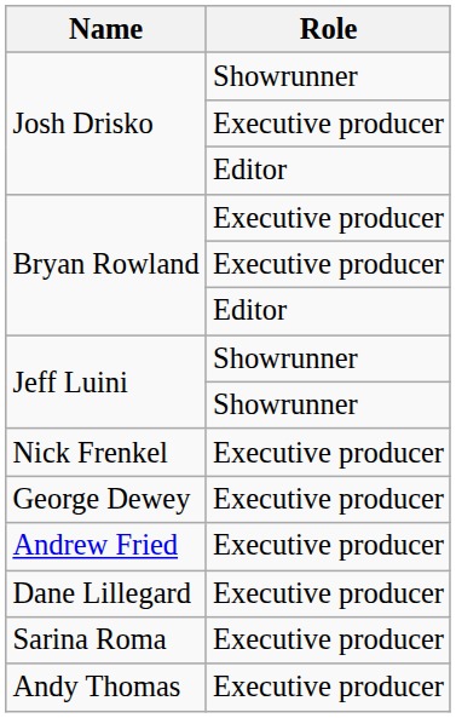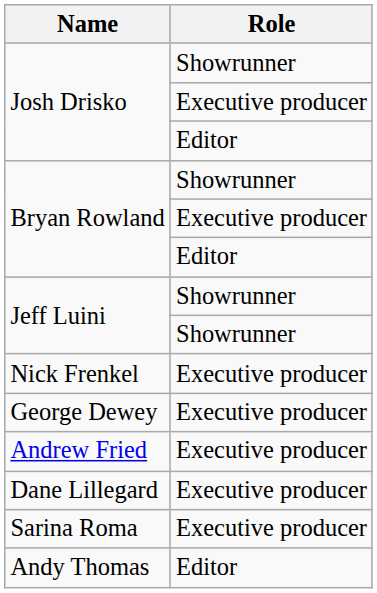 <table class="wikitable" |>
 <tr>
 <th>Name</th>
 <th>Role</th>
 </tr>
 <tr>
 <td rowspan="3" align="left">Josh Drisko</td>
 <td align="left">Showrunner</td>
 </tr>
 <tr>
 <td align="left">Executive producer</td>
 </tr>
 <tr>
 <td align="left">Editor</td>
 </tr>
 <tr>
 <td rowspan="3" align="left">Bryan Rowland</td>
-<td align="left">Executive producer</td>
+<td align="left">Showrunner</td>
 </tr>
 <tr>
 <td align="left">Executive producer</td>
 </tr>
 <tr>
 <td align="left">Editor</td>
 </tr>
 <tr>
 <td rowspan="2" align="left">Jeff Luini</td>
 <td align="left">Showrunner</td>
 </tr>
 <tr>
 <td align="left">Showrunner</td>
 </tr>
 <tr>
 <td align="left">Nick Frenkel</td>
 <td align="left">Executive producer</td>
 </tr>
 <tr>
 <td align="left">George Dewey</td>
 <td align="left">Executive producer</td>
 </tr>
 <tr>
 <td align="left"><a href='#'>Andrew Fried</a></td>
 <td align="left">Executive producer</td>
 </tr>
 <tr>
 <td align="left">Dane Lillegard</td>
 <td align="left">Executive producer</td>
 </tr>
 <tr>
 <td align="left">Sarina Roma</td>
 <td align="left">Executive producer</td>
 </tr>
 <tr>
 <td align="left">Andy Thomas</td>
-<td align="left">Executive producer</td>
+<td align="left">Editor</td>
 </tr>
 </table>
